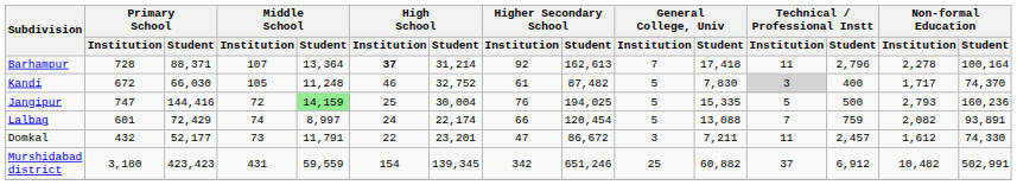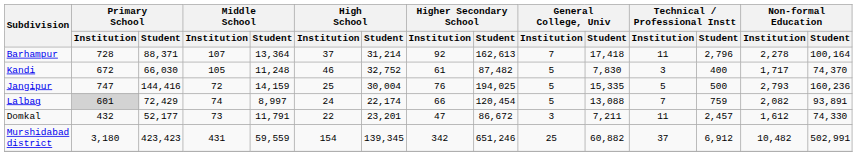 <table class="wikitable" style="text-align:center;font-size: 9pt">
 <tr>
 <th width="110" rowspan="2">Subdivision</th>
 <th colspan="2">Primary<br>School</th>
 <th colspan="2">Middle<br>School</th>
 <th colspan="2">High<br>School</th>
 <th colspan="2">Higher Secondary<br>School</th>
 <th colspan="2">General<br>College, Univ</th>
 <th colspan="2">Technical /<br>Professional Instt</th>
 <th colspan="2">Non-formal<br>Education</th>
 </tr>
 <tr>
 <th width="30">Institution</th>
 <th width="30">Student</th>
 <th width="30">Institution</th>
 <th width="30">Student</th>
 <th width="30">Institution</th>
 <th width="30">Student</th>
 <th width="30">Institution</th>
 <th width="30">Student</th>
 <th width="30">Institution</th>
 <th width="30">Student</th>
 <th width="30">Institution</th>
 <th width="30">Student</th>
 <th width="30">Institution</th>
 <th width="30">Student<br></th>
 </tr>
 <tr>
 <td align=left><a href='#'>Barhampur</a></td>
 <td align="center">728</td>
 <td align="center">88,371</td>
 <td align="center">107</td>
 <td align="center">13,364</td>
-<td align="center"><strong>37</strong></td>
+<td align="center">37</td>
 <td align="center">31,214</td>
 <td align="center">92</td>
 <td align="center">162,613</td>
 <td align="center">7</td>
 <td align="center">17,418</td>
 <td align="center">11</td>
 <td align="center">2,796</td>
 <td align="center">2,278</td>
 <td align="center">100,164</td>
 </tr>
 <tr>
 <td align=left><a href='#'>Kandi</a></td>
 <td align="center">672</td>
 <td align="center">66,030</td>
 <td align="center">105</td>
 <td align="center">11,248</td>
 <td align="center">46</td>
 <td align="center">32,752</td>
 <td align="center">61</td>
 <td align="center">87,482</td>
 <td align="center">5</td>
 <td align="center">7,830</td>
-<td align="center" style="background: lightgrey;">3</td>
+<td align="center">3</td>
 <td align="center">400</td>
 <td align="center">1,717</td>
 <td align="center">74,370</td>
 </tr>
 <tr>
 <td align=left><a href='#'>Jangipur</a></td>
 <td align="center">747</td>
 <td align="center">144,416</td>
 <td align="center">72</td>
-<td align="center" style="background: lightgreen;">14,159</td>
+<td align="center">14,159</td>
 <td align="center">25</td>
 <td align="center">30,004</td>
 <td align="center">76</td>
 <td align="center">194,025</td>
 <td align="center">5</td>
 <td align="center">15,335</td>
 <td align="center">5</td>
 <td align="center">500</td>
 <td align="center">2,793</td>
 <td align="center">160,236</td>
 </tr>
 <tr>
 <td align=left><a href='#'>Lalbag</a></td>
-<td align="center">601</td>
+<td align="center" style="background: lightgrey;">601</td>
 <td align="center">72,429</td>
 <td align="center">74</td>
 <td align="center">8,997</td>
 <td align="center">24</td>
 <td align="center">22,174</td>
 <td align="center">66</td>
 <td align="center">120,454</td>
 <td align="center">5</td>
 <td align="center">13,088</td>
 <td align="center">7</td>
 <td align="center">759</td>
 <td align="center">2,082</td>
 <td align="center">93,891</td>
 </tr>
 <tr>
 <td align=left>Domkal</td>
 <td align="center">432</td>
 <td align="center">52,177</td>
 <td align="center">73</td>
 <td align="center">11,791</td>
 <td align="center">22</td>
 <td align="center">23,201</td>
 <td align="center">47</td>
 <td align="center">86,672</td>
 <td align="center">3</td>
 <td align="center">7,211</td>
 <td align="center">11</td>
 <td align="center">2,457</td>
 <td align="center">1,612</td>
 <td align="center">74,330</td>
 </tr>
 <tr>
 <td align=left><a href='#'>Murshidabad district</a></td>
 <td align="center">3,180</td>
 <td align="center">423,423</td>
 <td align="center">431</td>
 <td align="center">59,559</td>
 <td align="center">154</td>
 <td align="center">139,345</td>
 <td align="center">342</td>
 <td align="center">651,246</td>
 <td align="center">25</td>
 <td align="center">60,882</td>
 <td align="center">37</td>
 <td align="center">6,912</td>
 <td align="center">10,482</td>
 <td align="center">502,991</td>
 </tr>
 <tr>
 </tr>
 </table>
